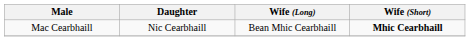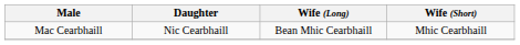 <table class="wikitable" style="text-align:right">
 <tr>
 <th width=20%>Male</th>
 <th width=20%>Daughter</th>
 <th width=20%>Wife <em><small>(Long)</small></em></th>
 <th width=20%>Wife <em><small>(Short)</small></em></th>
 </tr>
 <tr>
 <td align="center">Mac Cearbhaill</td>
 <td align="center">Nic Cearbhaill</td>
 <td align="center">Bean Mhic Cearbhaill</td>
-<td align="center"><strong>Mhic Cearbhaill</strong></td>
+<td align="center">Mhic Cearbhaill</td>
 </tr>
 <tr>
 </tr>
 </table>
